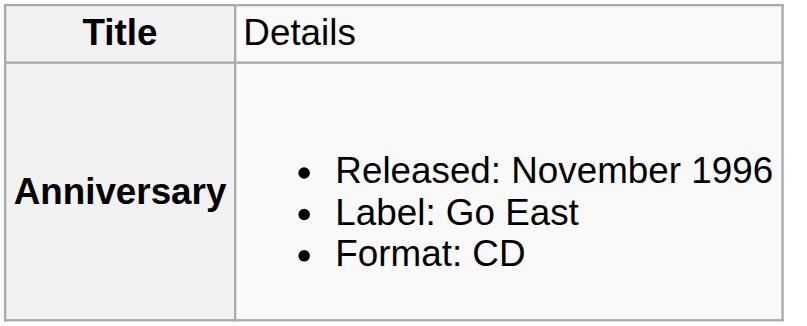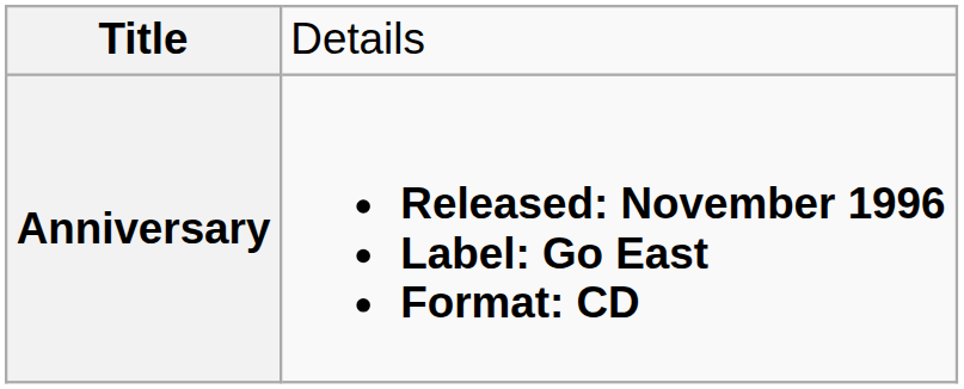 <table class="wikitable plainrowheaders">
 <tr>
 <th>Title</th>
 <td>Details</td>
 </tr>
 <tr>
 <th>Anniversary</th>
-<td><br><ul><li>Released: November 1996</li><li>Label: Go East</li><li>Format: CD</li></ul></td>
+<td><strong><br><ul><li>Released: November 1996</li><li>Label: Go East</li><li>Format: CD</li></ul></strong></td>
 </tr>
 </table>
